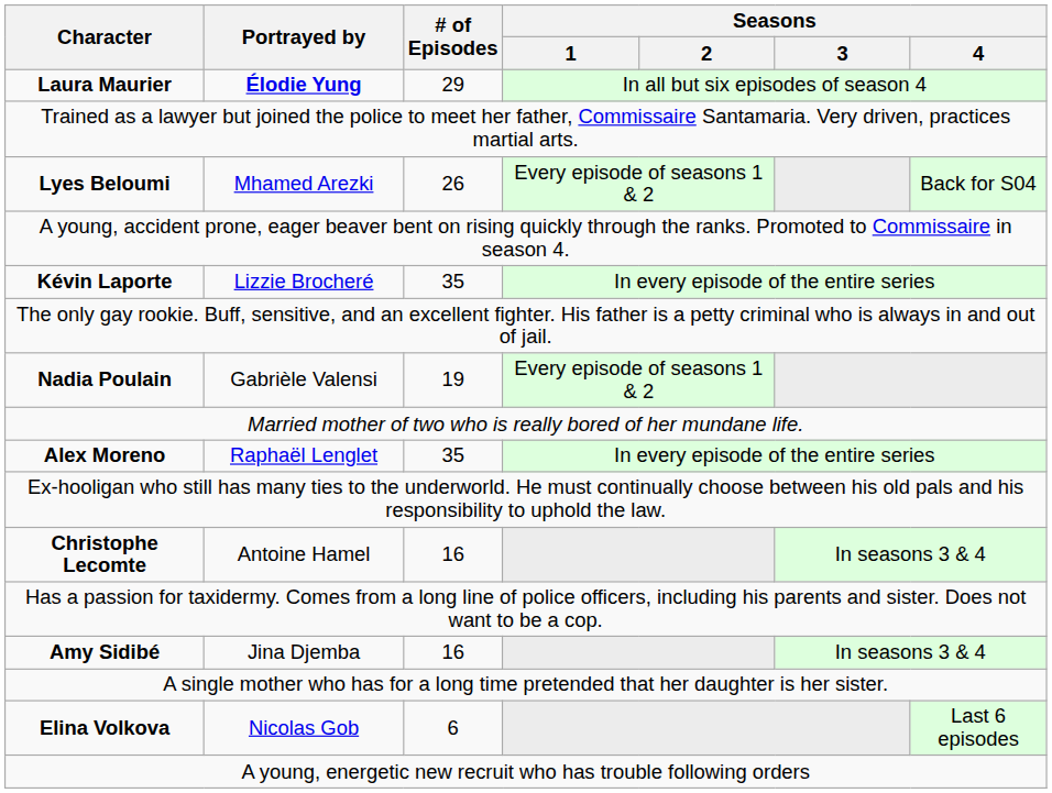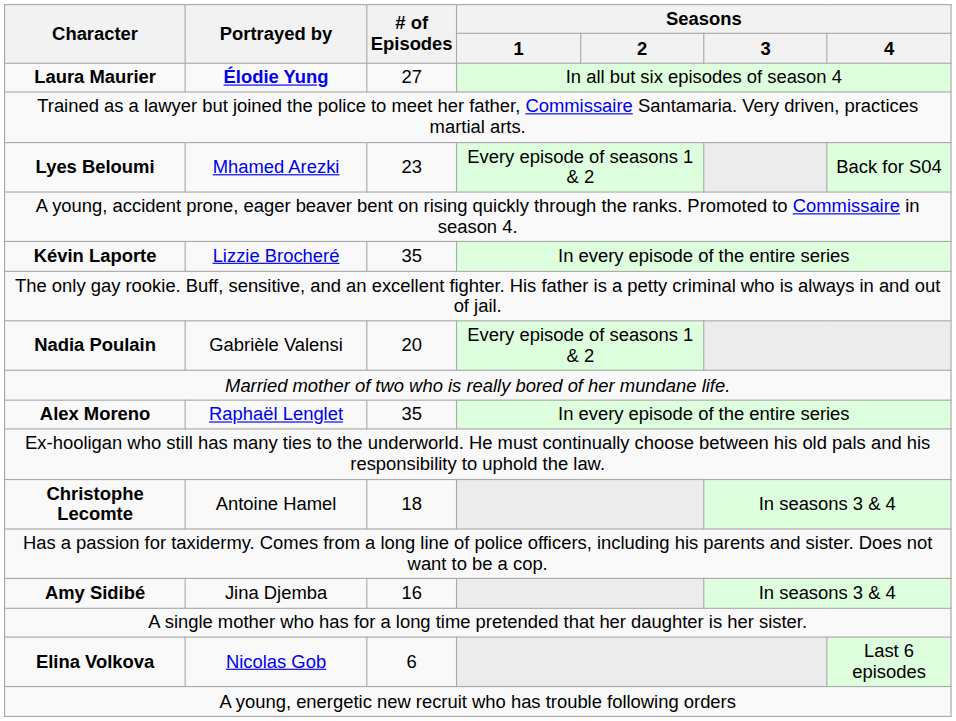 <table class="wikitable">
 <tr>
 <th rowspan="2" style="width:150px;">Character</th>
 <th style="width:150px;" rowspan="2">Portrayed by</th>
 <th style="width:50px;" rowspan="2"># of Episodes</th>
 <th colspan="4">Seasons</th>
 </tr>
 <tr>
 <th style="width:100px;">1</th>
 <th style="width:100px;">2</th>
 <th style="width:100px;">3</th>
 <th style="width:100px;">4</th>
 </tr>
 <tr>
 <td style=" text-align:center;"><strong>Laura Maurier</strong></td>
 <td style=" text-align:center;"><strong><a href='#'>Élodie Yung</a></strong></td>
-<td style=" text-align:center;">29</td>
+<td style=" text-align:center;">27</td>
 <td colspan="4" style="background:#dfd; text-align:center;">In all but six episodes of season 4</td>
 </tr>
 <tr>
 <td colspan="7" style="text-align:center;">Trained as a lawyer but joined the police to meet her father, <a href='#'>Commissaire</a> Santamaria. Very driven, practices martial arts.</td>
 </tr>
 <tr>
 <td style=" text-align:center;"><strong>Lyes Beloumi</strong></td>
 <td style=" text-align:center;"><a href='#'>Mhamed Arezki</a></td>
-<td style=" text-align:center;">26</td>
+<td style=" text-align:center;">23</td>
 <td colspan="2" style="background:#dfd; text-align:center;">Every episode of seasons 1 & 2</td>
 <td colspan="1" style="background: #ececec; color: grey; vertical-align: middle; align: center;"></td>
 <td colspan="1" style="background:#dfd; text-align:center;" class="table-na">Back for S04</td>
 </tr>
 <tr>
 <td colspan="7" style="text-align:center;">A young, accident prone, eager beaver bent on rising quickly through the ranks. Promoted to <a href='#'>Commissaire</a> in season 4.</td>
 </tr>
 <tr>
 <td style=" text-align:center;"><strong>Kévin Laporte</strong></td>
 <td style=" text-align:center;"><a href='#'>Lizzie Brocheré</a></td>
 <td style=" text-align:center;">35</td>
 <td colspan="4" style="background:#dfd; text-align:center;">In every episode of the entire series</td>
 </tr>
 <tr>
 <td colspan="7" style="text-align:center;">The only gay rookie. Buff, sensitive, and an excellent fighter. His father is a petty criminal who is always in and out of jail.</td>
 </tr>
 <tr>
 <td style=" text-align:center;"><strong>Nadia Poulain</strong></td>
 <td style=" text-align:center;">Gabrièle Valensi</td>
-<td style=" text-align:center;">19</td>
+<td style=" text-align:center;">20</td>
 <td colspan="2" style="background:#dfd; text-align:center;">Every episode of seasons 1 & 2</td>
 <td colspan="2" style="background: #ececec; color: grey; align:center;" class="table-na"></td>
 </tr>
 <tr>
 <td colspan="7" style="text-align:center;"><em>Married mother of two who is really bored of her mundane life.</em></td>
 </tr>
 <tr>
 <td style=" text-align:center;"><strong>Alex Moreno</strong></td>
 <td style=" text-align:center;"><a href='#'>Raphaël Lenglet</a></td>
 <td style=" text-align:center;">35</td>
 <td colspan="4" style="background:#dfd; text-align:center;">In every episode of the entire series</td>
 </tr>
 <tr>
 <td colspan="7" style="text-align:center;">Ex-hooligan who still has many ties to the underworld. He must continually choose between his old pals and his responsibility to uphold the law.</td>
 </tr>
 <tr>
 <td style=" text-align:center;"><strong>Christophe Lecomte</strong></td>
 <td style=" text-align:center;">Antoine Hamel</td>
-<td style=" text-align:center;">16</td>
+<td style=" text-align:center;">18</td>
 <td colspan="2" style="background: #ececec; color: grey; text-align:center;"></td>
 <td colspan="2" style="background:#dfd; text-align:center;" class="table-na">In seasons 3 & 4</td>
 </tr>
 <tr>
 <td colspan="7" style="text-align:center;">Has a passion for taxidermy. Comes from a long line of police officers, including his parents and sister. Does not want to be a cop.</td>
 </tr>
 <tr>
 <td style=" text-align:center;"><strong>Amy Sidibé</strong></td>
 <td style=" text-align:center;">Jina Djemba</td>
 <td style=" text-align:center;">16</td>
 <td colspan="2" style="background: #ececec; color: grey; text-align:center;"></td>
 <td colspan="2" style="background:#dfd; text-align:center;" class="table-na">In seasons 3 & 4</td>
 </tr>
 <tr>
 <td colspan="7" style="text-align:center;">A single mother who has for a long time pretended that her daughter is her sister.</td>
 </tr>
 <tr>
 <td style=" text-align:center;"><strong>Elina Volkova</strong></td>
 <td style=" text-align:center;"><a href='#'>Nicolas Gob</a></td>
 <td style=" text-align:center;">6</td>
 <td colspan="3" style="background: #ececec; color: grey; text-align:center;"></td>
 <td colspan="1" style="background:#dfd; text-align:center;" class="table-na">Last 6 episodes</td>
 </tr>
 <tr>
 <td colspan="7" style="text-align:center;">A young, energetic new recruit who has trouble following orders</td>
 </tr>
 </table>
